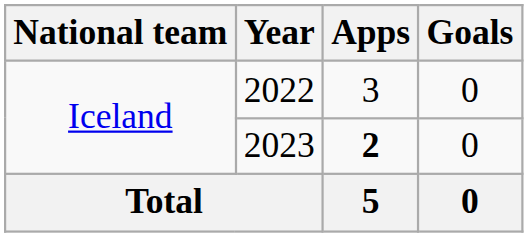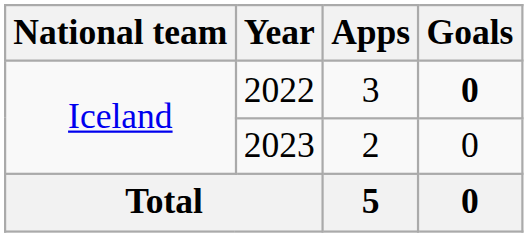 <table class="wikitable" style="text-align:center">
 <tr>
 <th>National team</th>
 <th>Year</th>
 <th>Apps</th>
 <th>Goals</th>
 </tr>
 <tr>
 <td rowspan="2"><a href='#'>Iceland</a></td>
 <td>2022</td>
 <td>3</td>
-<td>0</td>
+<td><strong>0</strong></td>
 </tr>
 <tr>
 <td>2023</td>
-<td><strong>2</strong></td>
+<td>2</td>
 <td>0</td>
 </tr>
 <tr>
 <th colspan="2">Total</th>
 <th>5</th>
 <th>0</th>
 </tr>
 </table>
